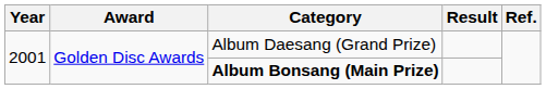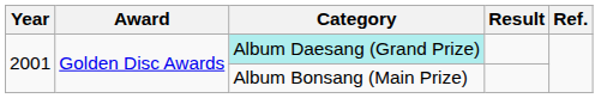 <table | class="wikitable plainrowheaders">
 <tr>
 <th>Year</th>
 <th>Award</th>
 <th>Category</th>
 <th>Result</th>
 <th>Ref.</th>
 </tr>
 <tr>
 <td rowspan="2">2001</td>
 <td rowspan="2"><a href='#'>Golden Disc Awards</a></td>
-<td>Album Daesang (Grand Prize)</td>
+<td style="background: paleturquoise;">Album Daesang (Grand Prize)</td>
 <td></td>
 <td rowspan="2" align="center"></td>
 </tr>
 <tr>
-<td><strong>Album Bonsang (Main Prize)</strong></td>
+<td>Album Bonsang (Main Prize)</td>
 <td></td>
 </tr>
 </table>
